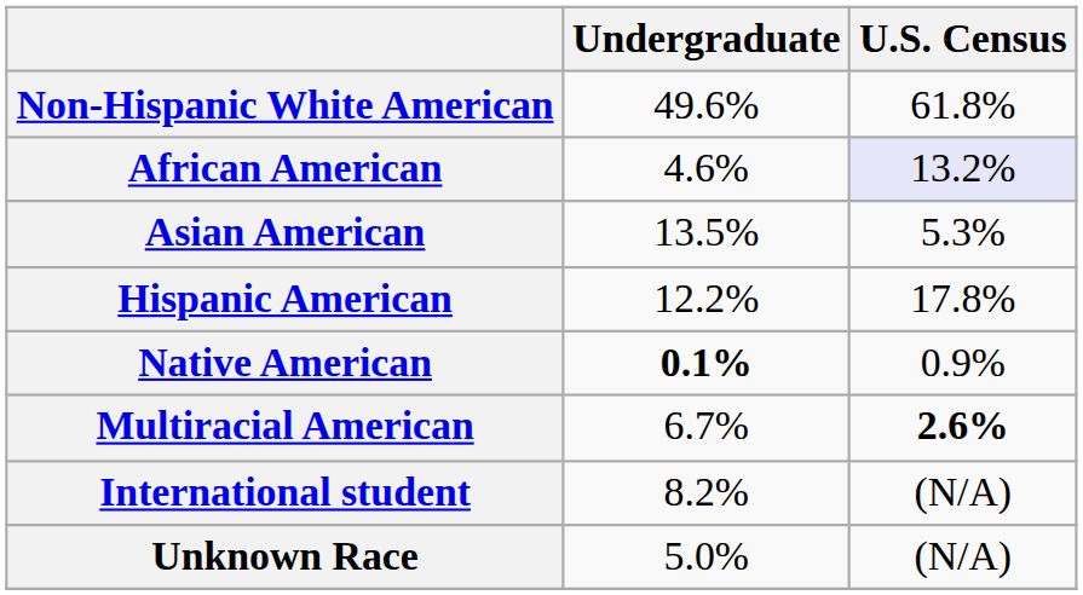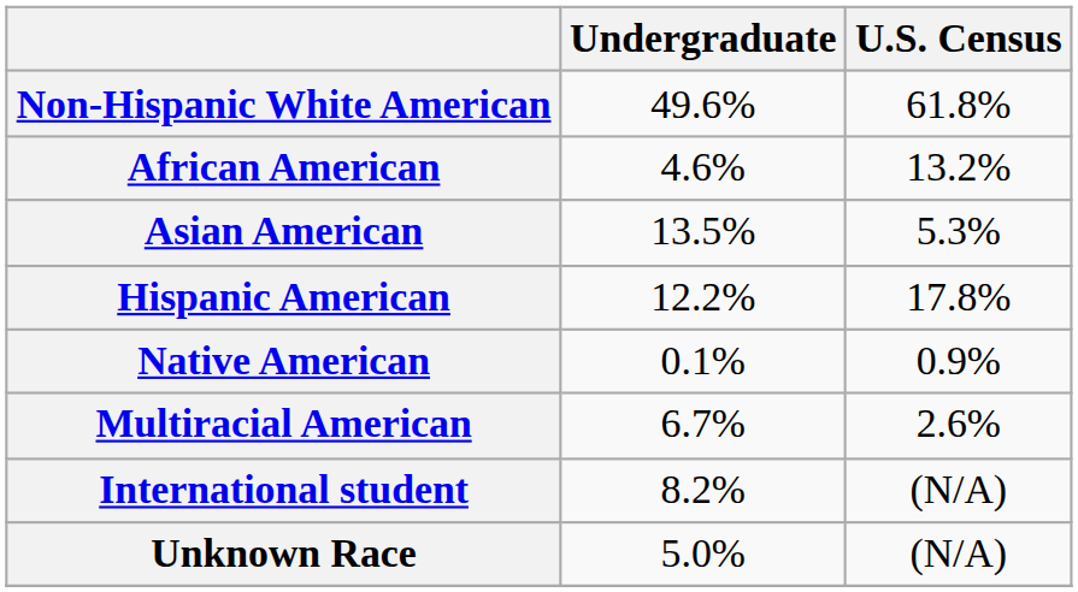 <table class="wikitable" style="text-align:center; float:right; margin-left:2em">
 <tr>
 <th></th>
 <th>Undergraduate</th>
 <th>U.S. Census</th>
 </tr>
 <tr>
 <th><a href='#'>Non-Hispanic White American</a></th>
 <td>49.6%</td>
 <td>61.8%</td>
 </tr>
 <tr>
 <th><a href='#'>African American</a></th>
 <td>4.6%</td>
-<td style="background: lavender;">13.2%</td>
+<td>13.2%</td>
 </tr>
 <tr>
 <th><a href='#'>Asian American</a></th>
 <td>13.5%</td>
 <td>5.3%</td>
 </tr>
 <tr>
 <th><a href='#'>Hispanic American</a></th>
 <td>12.2%</td>
 <td>17.8%</td>
 </tr>
 <tr>
 <th><a href='#'>Native American</a></th>
-<td><strong>0.1%</strong></td>
+<td>0.1%</td>
 <td>0.9%</td>
 </tr>
 <tr>
 <th><a href='#'>Multiracial American</a></th>
 <td>6.7%</td>
-<td><strong>2.6%</strong></td>
+<td>2.6%</td>
 </tr>
 <tr>
 <th><a href='#'>International student</a></th>
 <td>8.2%</td>
 <td>(N/A)</td>
 </tr>
 <tr>
 <th>Unknown Race</th>
 <td>5.0%</td>
 <td>(N/A)</td>
 </tr>
 <tr>
 </tr>
 </table>
